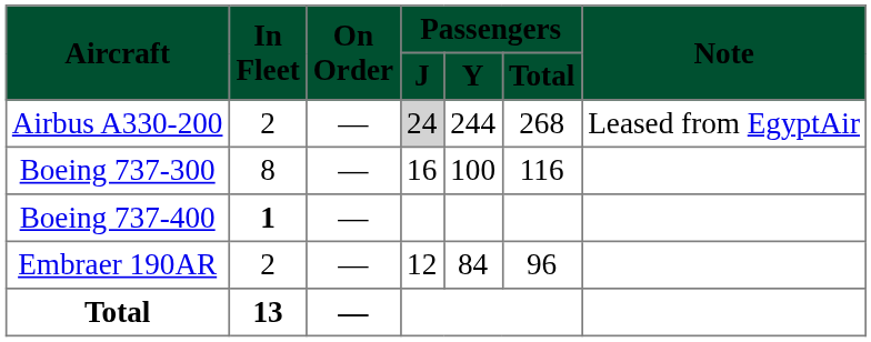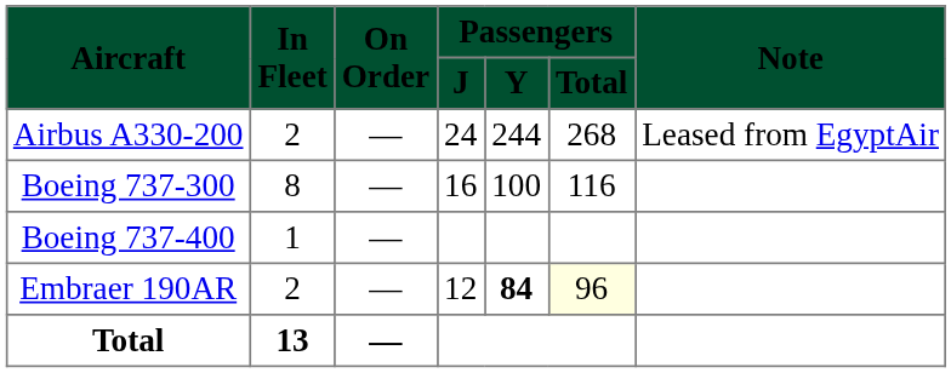 <table class="toccolours" border="1" cellpadding="3" style="margin:1em auto; border-collapse:collapse;text-align:center">
 <tr bgcolor=#005030>
 <th rowspan="2"><span>Aircraft</span></th>
 <th rowspan="2" style="width:25px"><span>In Fleet</span></th>
 <th rowspan="2" style="width:25px"><span>On Order</span></th>
 <th colspan="3"><span>Passengers</span></th>
 <th rowspan="2"><span>Note</span></th>
 </tr>
 <tr bgcolor=#005030>
 <th><span><abbr>J</abbr></span></th>
 <th><span><abbr>Y</abbr></span></th>
 <th><span>Total</span></th>
 </tr>
 <tr>
 <td><a href='#'>Airbus A330-200</a></td>
 <td>2</td>
 <td>—</td>
-<td style="background: lightgrey;">24</td>
+<td>24</td>
 <td>244</td>
 <td>268</td>
 <td>Leased from <a href='#'>EgyptAir</a></td>
 </tr>
 <tr>
 <td><a href='#'>Boeing 737-300</a></td>
 <td>8</td>
 <td>—</td>
 <td>16</td>
 <td>100</td>
 <td>116</td>
 <td></td>
 </tr>
 <tr>
 <td><a href='#'>Boeing 737-400</a></td>
-<td><strong>1</strong></td>
+<td>1</td>
 <td>—</td>
 <td></td>
 <td></td>
 <td></td>
 <td></td>
 </tr>
 <tr>
 <td><a href='#'>Embraer 190AR</a></td>
 <td>2</td>
 <td>—</td>
 <td>12</td>
-<td>84</td>
-<td>96</td>
+<td><strong>84</strong></td>
+<td style="background: lightyellow;">96</td>
 <td></td>
 </tr>
 <tr>
 <th>Total</th>
 <th>13</th>
 <th>—</th>
 <th colspan=3></th>
 <th></th>
 </tr>
 </table>
